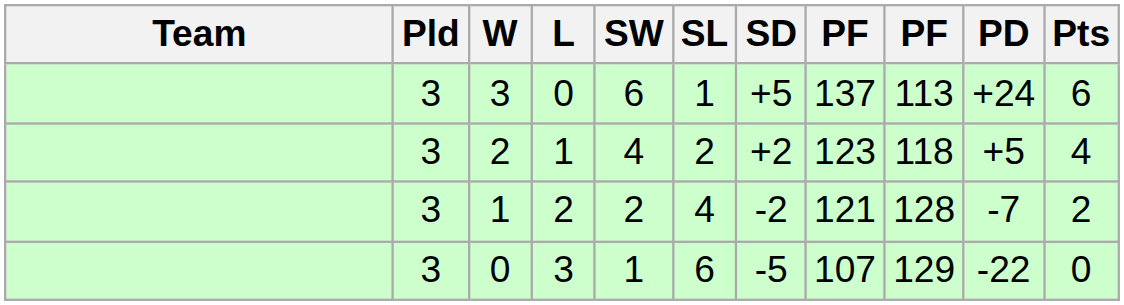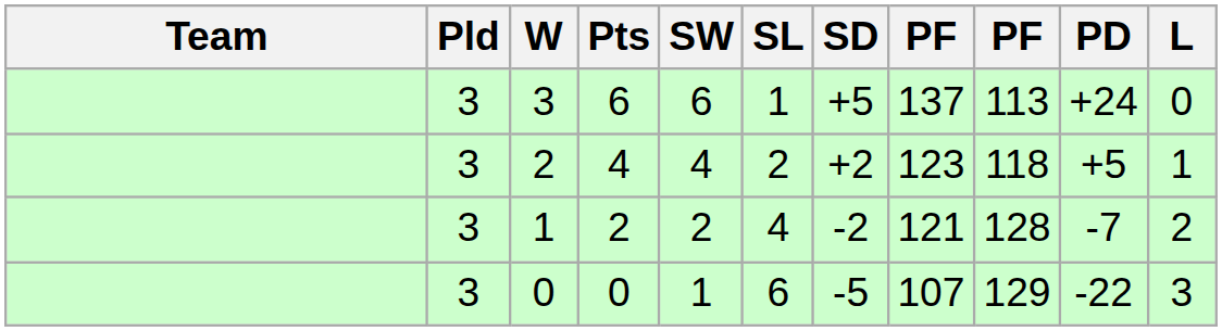 <table class=wikitable style="text-align:center">
 <tr>
 <th width=160>Team</th>
 <th width=20>Pld</th>
 <th width=20>W</th>
-<th width=20>L</th>
+<th width=20>Pts</th>
 <th width=20>SW</th>
 <th width=20>SL</th>
 <th width=20>SD</th>
 <th width=20>PF</th>
 <th width=20>PF</th>
 <th width=20>PD</th>
-<th width=20>Pts</th>
+<th width=20>L</th>
 </tr>
 <tr bgcolor="ccffcc">
 <td align=left></td>
 <td>3</td>
 <td>3</td>
-<td>0</td>
+<td>6</td>
 <td>6</td>
 <td>1</td>
 <td>+5</td>
 <td>137</td>
 <td>113</td>
 <td>+24</td>
-<td>6</td>
+<td>0</td>
 </tr>
 <tr bgcolor="ccffcc">
 <td align=left></td>
 <td>3</td>
 <td>2</td>
-<td>1</td>
+<td>4</td>
 <td>4</td>
 <td>2</td>
 <td>+2</td>
 <td>123</td>
 <td>118</td>
 <td>+5</td>
-<td>4</td>
+<td>1</td>
 </tr>
 <tr bgcolor="ccffcc">
 <td align=left></td>
 <td>3</td>
 <td>1</td>
 <td>2</td>
 <td>2</td>
 <td>4</td>
 <td>-2</td>
 <td>121</td>
 <td>128</td>
 <td>-7</td>
 <td>2</td>
 </tr>
 <tr bgcolor="ccffcc">
 <td align=left></td>
 <td>3</td>
 <td>0</td>
-<td>3</td>
+<td>0</td>
 <td>1</td>
 <td>6</td>
 <td>-5</td>
 <td>107</td>
 <td>129</td>
 <td>-22</td>
-<td>0</td>
+<td>3</td>
 </tr>
 </table>
